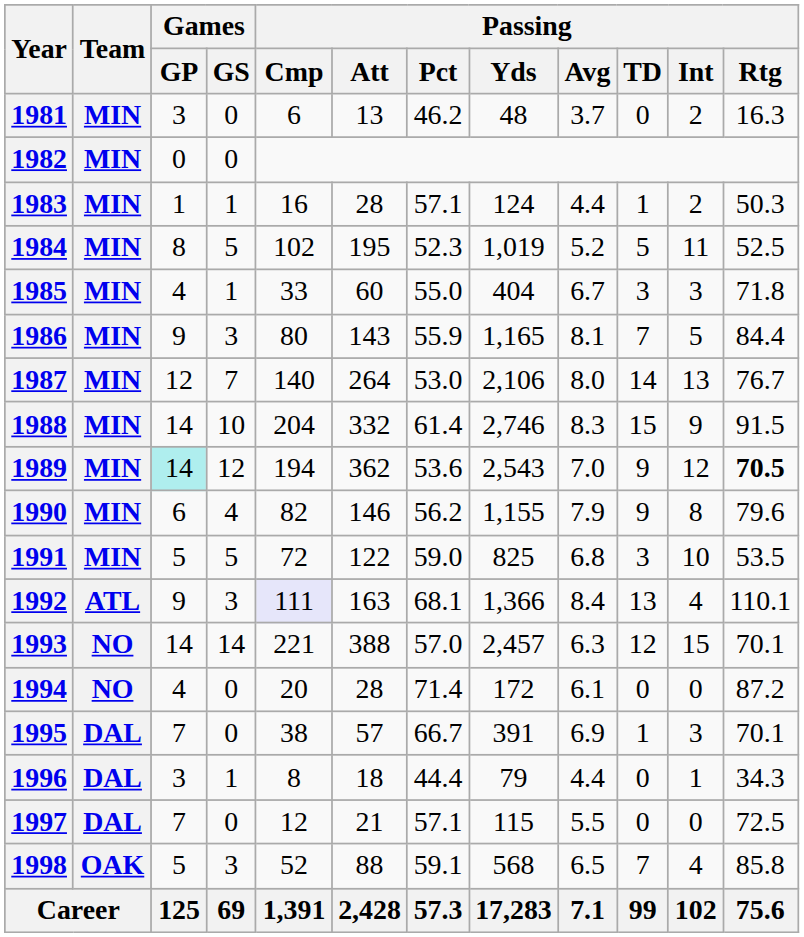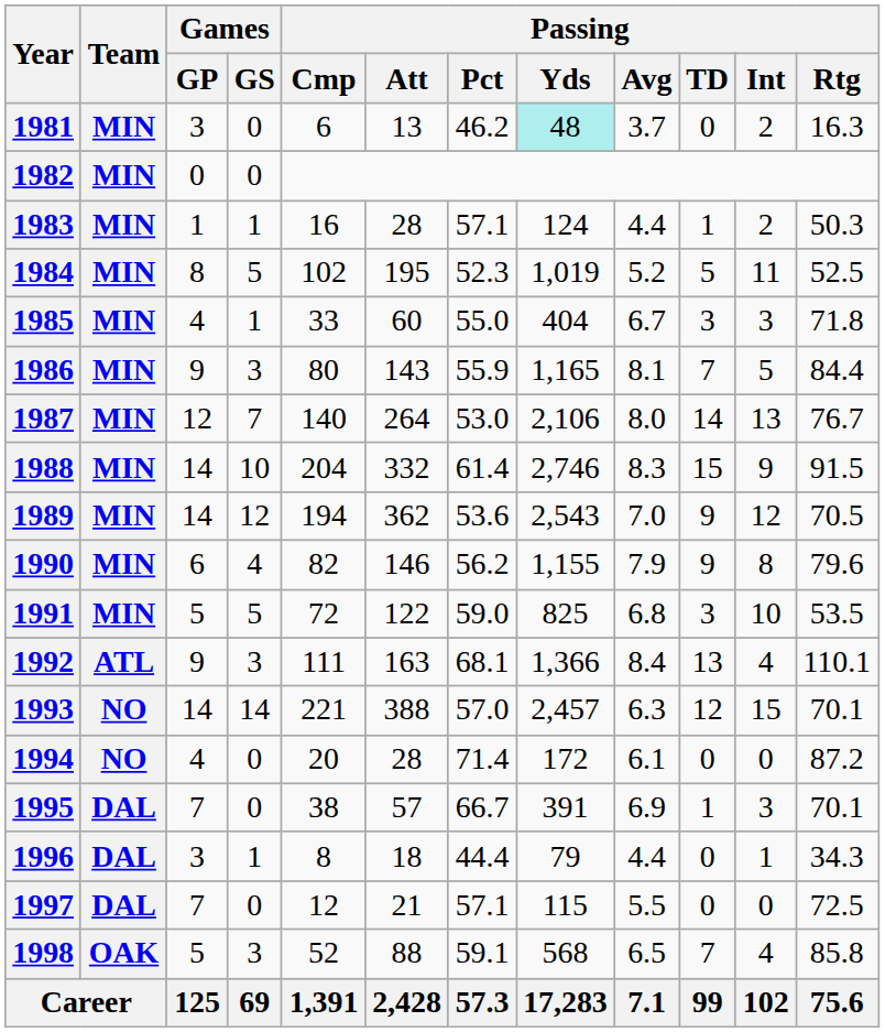 <table class=wikitable style="text-align:center;">
 <tr>
 <th rowspan="2">Year</th>
 <th rowspan="2">Team</th>
 <th colspan="2">Games</th>
 <th colspan="8">Passing</th>
 </tr>
 <tr>
 <th>GP</th>
 <th>GS</th>
 <th>Cmp</th>
 <th>Att</th>
 <th>Pct</th>
 <th>Yds</th>
 <th>Avg</th>
 <th>TD</th>
 <th>Int</th>
 <th>Rtg</th>
 </tr>
 <tr>
 <th><a href='#'>1981</a></th>
 <th><a href='#'>MIN</a></th>
 <td>3</td>
 <td>0</td>
 <td>6</td>
 <td>13</td>
 <td>46.2</td>
-<td>48</td>
+<td style="background: paleturquoise;">48</td>
 <td>3.7</td>
 <td>0</td>
 <td>2</td>
 <td>16.3</td>
 </tr>
 <tr>
 <th><a href='#'>1982</a></th>
 <th><a href='#'>MIN</a></th>
 <td>0</td>
 <td>0</td>
 <td colspan="8"></td>
 </tr>
 <tr>
 <th><a href='#'>1983</a></th>
 <th><a href='#'>MIN</a></th>
 <td>1</td>
 <td>1</td>
 <td>16</td>
 <td>28</td>
 <td>57.1</td>
 <td>124</td>
 <td>4.4</td>
 <td>1</td>
 <td>2</td>
 <td>50.3</td>
 </tr>
 <tr>
 <th><a href='#'>1984</a></th>
 <th><a href='#'>MIN</a></th>
 <td>8</td>
 <td>5</td>
 <td>102</td>
 <td>195</td>
 <td>52.3</td>
 <td>1,019</td>
 <td>5.2</td>
 <td>5</td>
 <td>11</td>
 <td>52.5</td>
 </tr>
 <tr>
 <th><a href='#'>1985</a></th>
 <th><a href='#'>MIN</a></th>
 <td>4</td>
 <td>1</td>
 <td>33</td>
 <td>60</td>
 <td>55.0</td>
 <td>404</td>
 <td>6.7</td>
 <td>3</td>
 <td>3</td>
 <td>71.8</td>
 </tr>
 <tr>
 <th><a href='#'>1986</a></th>
 <th><a href='#'>MIN</a></th>
 <td>9</td>
 <td>3</td>
 <td>80</td>
 <td>143</td>
 <td>55.9</td>
 <td>1,165</td>
 <td>8.1</td>
 <td>7</td>
 <td>5</td>
 <td>84.4</td>
 </tr>
 <tr>
 <th><a href='#'>1987</a></th>
 <th><a href='#'>MIN</a></th>
 <td>12</td>
 <td>7</td>
 <td>140</td>
 <td>264</td>
 <td>53.0</td>
 <td>2,106</td>
 <td>8.0</td>
 <td>14</td>
 <td>13</td>
 <td>76.7</td>
 </tr>
 <tr>
 <th><a href='#'>1988</a></th>
 <th><a href='#'>MIN</a></th>
 <td>14</td>
 <td>10</td>
 <td>204</td>
 <td>332</td>
 <td>61.4</td>
 <td>2,746</td>
 <td>8.3</td>
 <td>15</td>
 <td>9</td>
 <td>91.5</td>
 </tr>
 <tr>
 <th><a href='#'>1989</a></th>
 <th><a href='#'>MIN</a></th>
-<td style="background: paleturquoise;">14</td>
+<td>14</td>
 <td>12</td>
 <td>194</td>
 <td>362</td>
 <td>53.6</td>
 <td>2,543</td>
 <td>7.0</td>
 <td>9</td>
 <td>12</td>
-<td><strong>70.5</strong></td>
+<td>70.5</td>
 </tr>
 <tr>
 <th><a href='#'>1990</a></th>
 <th><a href='#'>MIN</a></th>
 <td>6</td>
 <td>4</td>
 <td>82</td>
 <td>146</td>
 <td>56.2</td>
 <td>1,155</td>
 <td>7.9</td>
 <td>9</td>
 <td>8</td>
 <td>79.6</td>
 </tr>
 <tr>
 <th><a href='#'>1991</a></th>
 <th><a href='#'>MIN</a></th>
 <td>5</td>
 <td>5</td>
 <td>72</td>
 <td>122</td>
 <td>59.0</td>
 <td>825</td>
 <td>6.8</td>
 <td>3</td>
 <td>10</td>
 <td>53.5</td>
 </tr>
 <tr>
 <th><a href='#'>1992</a></th>
 <th><a href='#'>ATL</a></th>
 <td>9</td>
 <td>3</td>
-<td style="background: lavender;">111</td>
+<td>111</td>
 <td>163</td>
 <td>68.1</td>
 <td>1,366</td>
 <td>8.4</td>
 <td>13</td>
 <td>4</td>
 <td>110.1</td>
 </tr>
 <tr>
 <th><a href='#'>1993</a></th>
 <th><a href='#'>NO</a></th>
 <td>14</td>
 <td>14</td>
 <td>221</td>
 <td>388</td>
 <td>57.0</td>
 <td>2,457</td>
 <td>6.3</td>
 <td>12</td>
 <td>15</td>
 <td>70.1</td>
 </tr>
 <tr>
 <th><a href='#'>1994</a></th>
 <th><a href='#'>NO</a></th>
 <td>4</td>
 <td>0</td>
 <td>20</td>
 <td>28</td>
 <td>71.4</td>
 <td>172</td>
 <td>6.1</td>
 <td>0</td>
 <td>0</td>
 <td>87.2</td>
 </tr>
 <tr>
 <th><a href='#'>1995</a></th>
 <th><a href='#'>DAL</a></th>
 <td>7</td>
 <td>0</td>
 <td>38</td>
 <td>57</td>
 <td>66.7</td>
 <td>391</td>
 <td>6.9</td>
 <td>1</td>
 <td>3</td>
 <td>70.1</td>
 </tr>
 <tr>
 <th><a href='#'>1996</a></th>
 <th><a href='#'>DAL</a></th>
 <td>3</td>
 <td>1</td>
 <td>8</td>
 <td>18</td>
 <td>44.4</td>
 <td>79</td>
 <td>4.4</td>
 <td>0</td>
 <td>1</td>
 <td>34.3</td>
 </tr>
 <tr>
 <th><a href='#'>1997</a></th>
 <th><a href='#'>DAL</a></th>
 <td>7</td>
 <td>0</td>
 <td>12</td>
 <td>21</td>
 <td>57.1</td>
 <td>115</td>
 <td>5.5</td>
 <td>0</td>
 <td>0</td>
 <td>72.5</td>
 </tr>
 <tr>
 <th><a href='#'>1998</a></th>
 <th><a href='#'>OAK</a></th>
 <td>5</td>
 <td>3</td>
 <td>52</td>
 <td>88</td>
 <td>59.1</td>
 <td>568</td>
 <td>6.5</td>
 <td>7</td>
 <td>4</td>
 <td>85.8</td>
 </tr>
 <tr>
 <th colspan="2">Career</th>
 <th>125</th>
 <th>69</th>
 <th>1,391</th>
 <th>2,428</th>
 <th>57.3</th>
 <th>17,283</th>
 <th>7.1</th>
 <th>99</th>
 <th>102</th>
 <th>75.6</th>
 </tr>
 </table>
